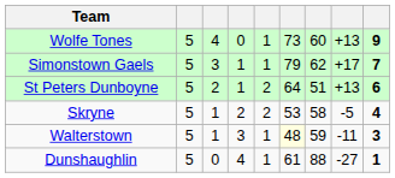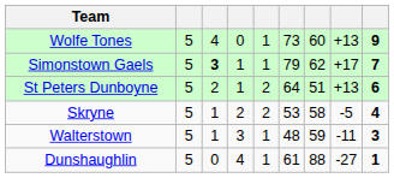 <table class="wikitable" style="text-align:center">
 <tr>
 <th style="width:175px;">Team</th>
 <th width="20"></th>
 <th width="20"></th>
 <th width="20"></th>
 <th width="20"></th>
 <th width="20"></th>
 <th width="20"></th>
 <th width="20"></th>
 <th width="20"></th>
 </tr>
 <tr style="background:#cfc;">
 <td><a href='#'>Wolfe Tones</a></td>
 <td>5</td>
 <td>4</td>
 <td>0</td>
 <td>1</td>
 <td>73</td>
 <td>60</td>
 <td>+13</td>
 <td><strong>9</strong></td>
 </tr>
 <tr style="background:#cfc;">
 <td><a href='#'>Simonstown Gaels</a></td>
 <td>5</td>
-<td>3</td>
+<td><strong>3</strong></td>
 <td>1</td>
 <td>1</td>
 <td>79</td>
 <td>62</td>
 <td>+17</td>
 <td><strong>7</strong></td>
 </tr>
 <tr style="background:#cfc;">
 <td><a href='#'>St Peters Dunboyne</a></td>
 <td>5</td>
 <td>2</td>
 <td>1</td>
 <td>2</td>
 <td>64</td>
 <td>51</td>
 <td>+13</td>
 <td><strong>6</strong></td>
 </tr>
 <tr>
 <td><a href='#'>Skryne</a></td>
 <td>5</td>
 <td>1</td>
 <td>2</td>
 <td>2</td>
 <td>53</td>
 <td>58</td>
 <td>-5</td>
 <td><strong>4</strong></td>
 </tr>
 <tr>
 <td><a href='#'>Walterstown</a></td>
 <td>5</td>
 <td>1</td>
 <td>3</td>
 <td>1</td>
-<td style="background: lightyellow;">48</td>
+<td>48</td>
 <td>59</td>
 <td>-11</td>
 <td><strong>3</strong></td>
 </tr>
 <tr>
 <td><a href='#'>Dunshaughlin</a></td>
 <td>5</td>
 <td>0</td>
 <td>4</td>
 <td>1</td>
 <td>61</td>
 <td>88</td>
 <td>-27</td>
 <td><strong>1</strong></td>
 </tr>
 </table>
